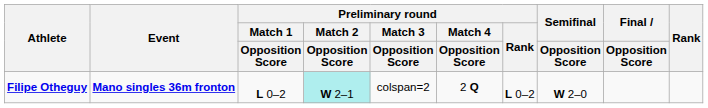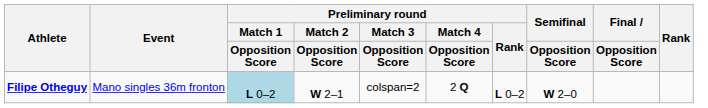 <table class="wikitable" border="1" style="font-size:90%">
 <tr>
 <th rowspan=3>Athlete</th>
 <th rowspan=3>Event</th>
 <th colspan=5>Preliminary round</th>
 <th rowspan=2>Semifinal</th>
 <th rowspan=2>Final / </th>
 <th rowspan=3>Rank</th>
 </tr>
 <tr>
 <th>Match 1</th>
 <th>Match 2</th>
 <th>Match 3</th>
 <th>Match 4</th>
 <th rowspan=2>Rank</th>
 </tr>
 <tr>
 <th>Opposition<br>Score</th>
 <th>Opposition<br>Score</th>
 <th>Opposition<br>Score</th>
 <th>Opposition<br>Score</th>
 <th>Opposition<br>Score</th>
 <th>Opposition<br>Score</th>
 </tr>
 <tr align=center>
 <td align=left><strong><a href='#'>Filipe Otheguy</a></strong></td>
-<td align=left><strong><a href='#'>Mano singles 36m fronton</a></strong></td>
-<td><br><strong>L</strong> 0–2</td>
-<td style="background: paleturquoise;"><br><strong>W</strong> 2–1</td>
+<td align=left><a href='#'>Mano singles 36m fronton</a></td>
+<td style="background: lightblue;"><br><strong>L</strong> 0–2</td>
+<td><br><strong>W</strong> 2–1</td>
 <td>colspan=2 </td>
 <td>2 <strong>Q</strong></td>
 <td><br><strong>L</strong> 0–2</td>
 <td><br><strong>W</strong> 2–0</td>
 <td></td>
 </tr>
 </table>
